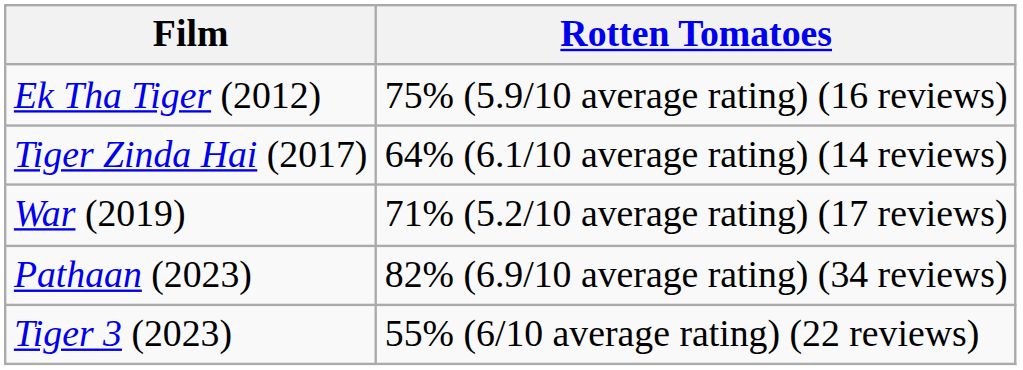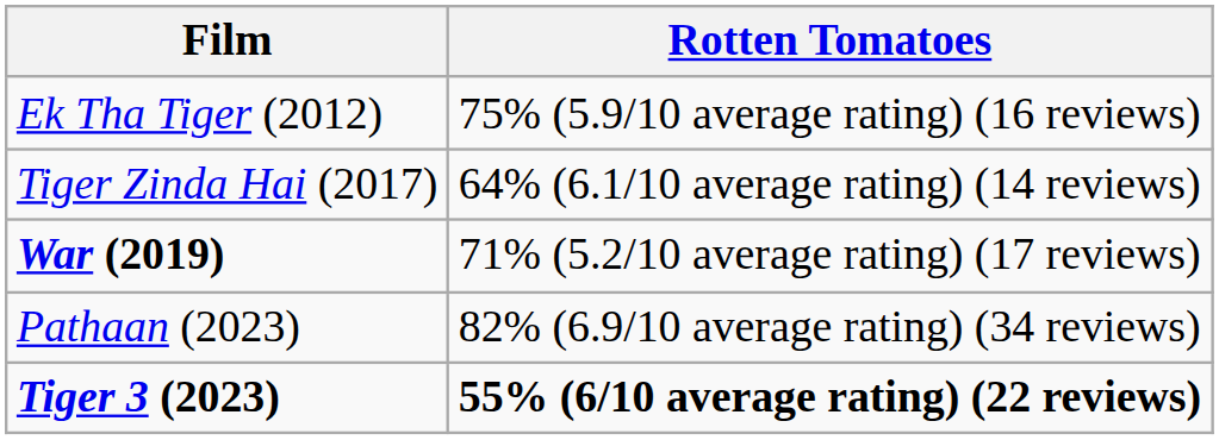 <table class="wikitable sortable">
 <tr>
 <th>Film</th>
 <th><a href='#'>Rotten Tomatoes</a></th>
 </tr>
 <tr>
 <td><em><a href='#'>Ek Tha Tiger</a></em> (2012)</td>
 <td>75% (5.9/10 average rating) (16 reviews)</td>
 </tr>
 <tr>
 <td><a href='#'><em>Tiger Zinda Hai</em></a> (2017)</td>
 <td>64% (6.1/10 average rating) (14 reviews)</td>
 </tr>
 <tr>
-<td><em><a href='#'>War</a></em> (2019)</td>
+<td><strong><em><a href='#'>War</a></em> (2019)</strong></td>
 <td>71% (5.2/10 average rating) (17 reviews)</td>
 </tr>
 <tr>
 <td><em><a href='#'>Pathaan</a></em> (2023)</td>
 <td>82% (6.9/10 average rating) (34 reviews)</td>
 </tr>
 <tr>
-<td><em><a href='#'>Tiger 3</a></em> (2023)</td>
-<td>55% (6/10 average rating) (22 reviews)</td>
+<td><strong><em><a href='#'>Tiger 3</a></em> (2023)</strong></td>
+<td><strong>55% (6/10 average rating) (22 reviews)</strong></td>
 </tr>
 </table>
